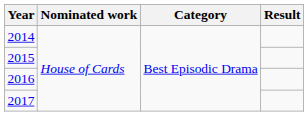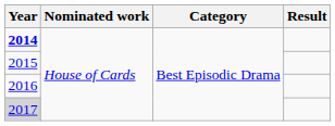 <table class="wikitable">
 <tr>
 <th>Year</th>
 <th>Nominated work</th>
 <th>Category</th>
 <th>Result</th>
 </tr>
 <tr>
-<td><a href='#'>2014</a></td>
+<td><strong><a href='#'>2014</a></strong></td>
 <td rowspan=4><em><a href='#'>House of Cards</a></em></td>
 <td rowspan=4><a href='#'>Best Episodic Drama</a></td>
 <td></td>
 </tr>
 <tr>
 <td><a href='#'>2015</a></td>
 <td></td>
 </tr>
 <tr>
 <td><a href='#'>2016</a></td>
 <td></td>
 </tr>
 <tr>
-<td><a href='#'>2017</a></td>
+<td style="background: lightgrey;"><a href='#'>2017</a></td>
 <td></td>
 </tr>
 </table>
